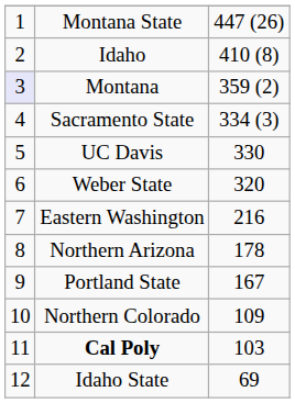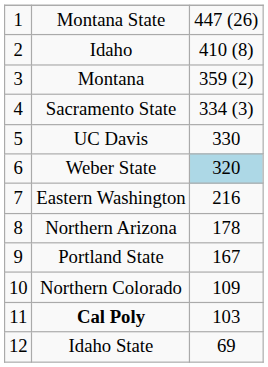 <table class="wikitable" style="display: inline-table;">
 <tr align="center">
 </tr>
 <tr align="center">
 <td>1</td>
 <td>Montana State</td>
 <td>447 (26)</td>
 </tr>
 <tr align="center">
 <td>2</td>
 <td>Idaho</td>
 <td>410 (8)</td>
 </tr>
 <tr align="center">
-<td style="background: lavender;">3</td>
+<td>3</td>
 <td>Montana</td>
 <td>359 (2)</td>
 </tr>
 <tr align="center">
 <td>4</td>
 <td>Sacramento State</td>
 <td>334 (3)</td>
 </tr>
 <tr align="center">
 <td>5</td>
 <td>UC Davis</td>
 <td>330</td>
 </tr>
 <tr align="center">
 <td>6</td>
 <td>Weber State</td>
-<td>320</td>
+<td style="background: lightblue;">320</td>
 </tr>
 <tr align="center">
 <td>7</td>
 <td>Eastern Washington</td>
 <td>216</td>
 </tr>
 <tr align="center">
 <td>8</td>
 <td>Northern Arizona</td>
 <td>178</td>
 </tr>
 <tr align="center">
 <td>9</td>
 <td>Portland State</td>
 <td>167</td>
 </tr>
 <tr align="center">
 <td>10</td>
 <td>Northern Colorado</td>
 <td>109</td>
 </tr>
 <tr align="center">
 <td>11</td>
 <td><strong>Cal Poly</strong></td>
 <td>103</td>
 </tr>
 <tr align="center">
 <td>12</td>
 <td>Idaho State</td>
 <td>69</td>
 </tr>
 </table>
